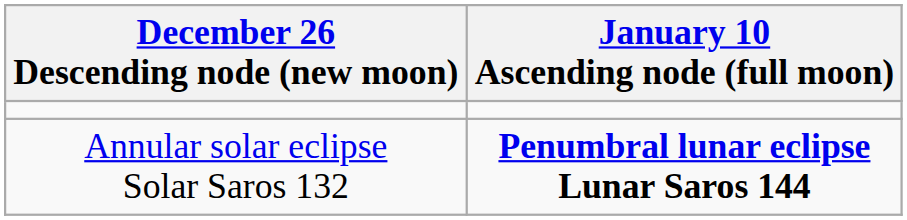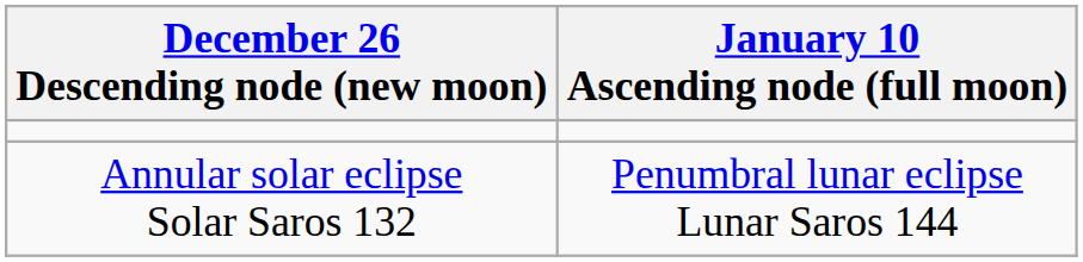 <table class="wikitable">
 <tr>
 <th><a href='#'>December 26</a><br>Descending node (new moon)<br></th>
 <th><a href='#'>January 10</a><br>Ascending node (full moon)<br></th>
 </tr>
 <tr>
 <td></td>
 <td></td>
 </tr>
 <tr align=center>
 <td><a href='#'>Annular solar eclipse</a><br>Solar Saros 132</td>
-<td><strong><a href='#'>Penumbral lunar eclipse</a><br>Lunar Saros 144</strong></td>
+<td><a href='#'>Penumbral lunar eclipse</a><br>Lunar Saros 144</td>
 </tr>
 </table>
